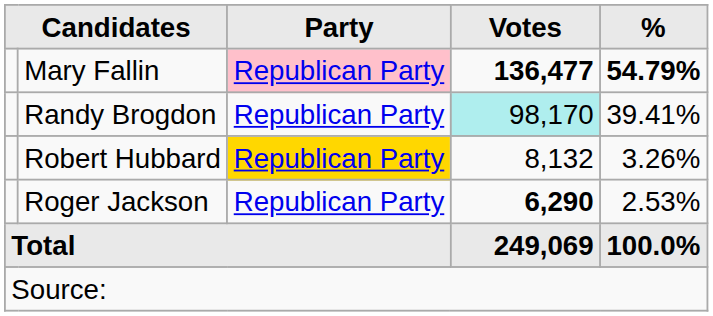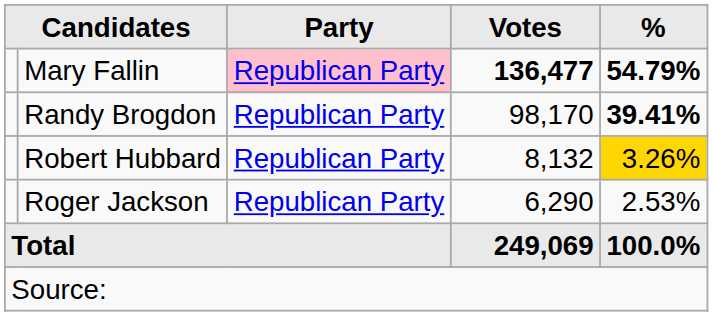 <table class=wikitable style="font-size:95%; text-align:right;">
 <tr>
 <th style="background:#e9e9e9; text-align:center;" colspan="2">Candidates</th>
 <th style="background:#e9e9e9; text-align:center;">Party</th>
 <th style="background:#e9e9e9; text-align:center;">Votes</th>
 <th style="background:#e9e9e9; text-align:center;">%</th>
 </tr>
 <tr>
 <td></td>
 <td align=left>Mary Fallin</td>
 <td align=center style="background: pink;"><a href='#'>Republican Party</a></td>
 <td><strong>136,477</strong></td>
 <td><strong>54.79%</strong></td>
 </tr>
 <tr>
 <td></td>
 <td align=left>Randy Brogdon</td>
 <td align=center><a href='#'>Republican Party</a></td>
-<td style="background: paleturquoise;">98,170</td>
-<td>39.41%</td>
+<td>98,170</td>
+<td><strong>39.41%</strong></td>
 </tr>
 <tr>
 <td></td>
 <td align=left>Robert Hubbard</td>
-<td align=center style="background: gold;"><a href='#'>Republican Party</a></td>
+<td align=center><a href='#'>Republican Party</a></td>
 <td>8,132</td>
-<td>3.26%</td>
+<td style="background: gold;">3.26%</td>
 </tr>
 <tr>
 <td></td>
 <td align=left>Roger Jackson</td>
 <td align=center><a href='#'>Republican Party</a></td>
-<td><strong>6,290</strong></td>
+<td>6,290</td>
 <td>2.53%</td>
 </tr>
 <tr style="background:#e9e9e9;">
 <td colspan="3" style="text-align:left; "><strong>Total</strong></td>
 <td style="text-align:right; width:75px; "><strong>249,069</strong></td>
 <td style="text-align:right; width:30px; "><strong>100.0%</strong></td>
 </tr>
 <tr>
 <td style="text-align:left;" colspan="6">Source: </td>
 </tr>
 </table>
